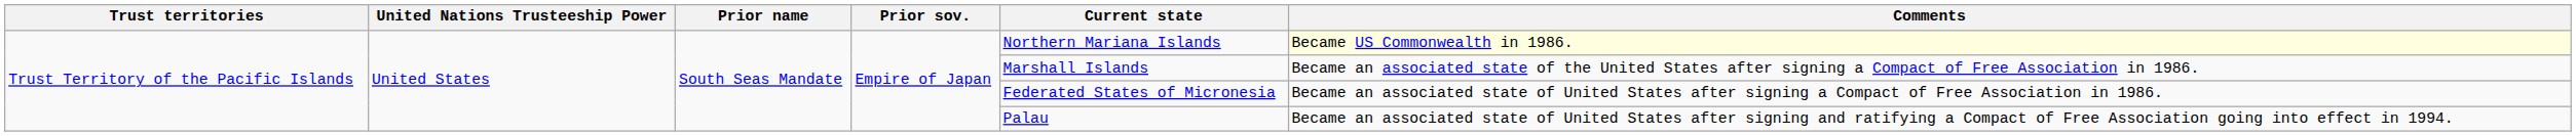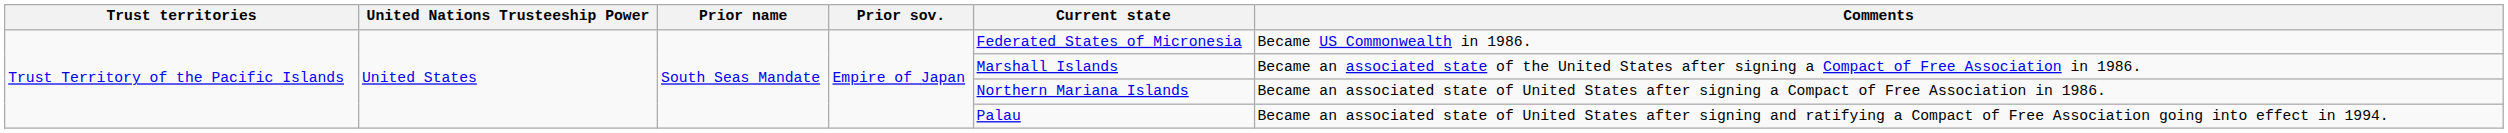 <table class="wikitable sortable" style="width:100%; font-size:90%">
 <tr>
 <th>Trust territories</th>
 <th>United Nations Trusteeship Power</th>
 <th>Prior name</th>
 <th>Prior sov.</th>
 <th>Current state</th>
 <th style="width:50%">Comments</th>
 </tr>
 <tr>
 <td rowspan="4"><a href='#'>Trust Territory of the Pacific Islands</a></td>
 <td rowspan="4"><a href='#'>United States</a></td>
 <td rowspan="4"><a href='#'>South Seas Mandate</a></td>
 <td rowspan="4"><a href='#'>Empire of Japan</a></td>
-<td><a href='#'>Northern Mariana Islands</a></td>
-<td style="background: lightyellow;">Became <a href='#'>US Commonwealth</a> in 1986.</td>
+<td><a href='#'>Federated States of Micronesia</a></td>
+<td>Became <a href='#'>US Commonwealth</a> in 1986.</td>
 </tr>
 <tr>
 <td><a href='#'>Marshall Islands</a></td>
 <td>Became an <a href='#'>associated state</a> of the United States after signing a <a href='#'>Compact of Free Association</a> in 1986.</td>
 </tr>
 <tr>
-<td><a href='#'>Federated States of Micronesia</a></td>
+<td><a href='#'>Northern Mariana Islands</a></td>
 <td>Became an associated state of United States after signing a Compact of Free Association in 1986.</td>
 </tr>
 <tr>
 <td><a href='#'>Palau</a></td>
 <td>Became an associated state of United States after signing and ratifying a Compact of Free Association going into effect in 1994.</td>
 </tr>
 </table>
